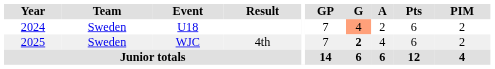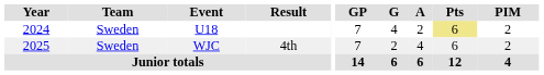 <table border="0" cellpadding="1" cellspacing="0" ID="Table3" style="text-align:center; width:40em;">
 <tr bgcolor="#e0e0e0">
 <th>Year</th>
 <th>Team</th>
 <th>Event</th>
 <th>Result</th>
 <th rowspan="98" bgcolor="#ffffff"></th>
 <th>GP</th>
 <th>G</th>
 <th>A</th>
 <th>Pts</th>
 <th>PIM</th>
 </tr>
 <tr>
 <td><a href='#'>2024</a></td>
 <td><a href='#'>Sweden</a></td>
 <td><a href='#'>U18</a></td>
 <td></td>
 <td>7</td>
-<td style="background: lightsalmon;">4</td>
+<td>4</td>
 <td>2</td>
-<td>6</td>
+<td style="background: khaki;">6</td>
 <td>2</td>
 </tr>
 <tr bgcolor="#f0f0f0">
 <td><a href='#'>2025</a></td>
 <td><a href='#'>Sweden</a></td>
 <td><a href='#'>WJC</a></td>
 <td>4th</td>
 <td>7</td>
-<td><strong>2</strong></td>
+<td>2</td>
 <td>4</td>
 <td>6</td>
 <td>2</td>
 </tr>
 <tr bgcolor="#e0e0e0">
 <th colspan="4">Junior totals</th>
 <th>14</th>
 <th>6</th>
 <th>6</th>
 <th>12</th>
 <th>4</th>
 </tr>
 </table>
